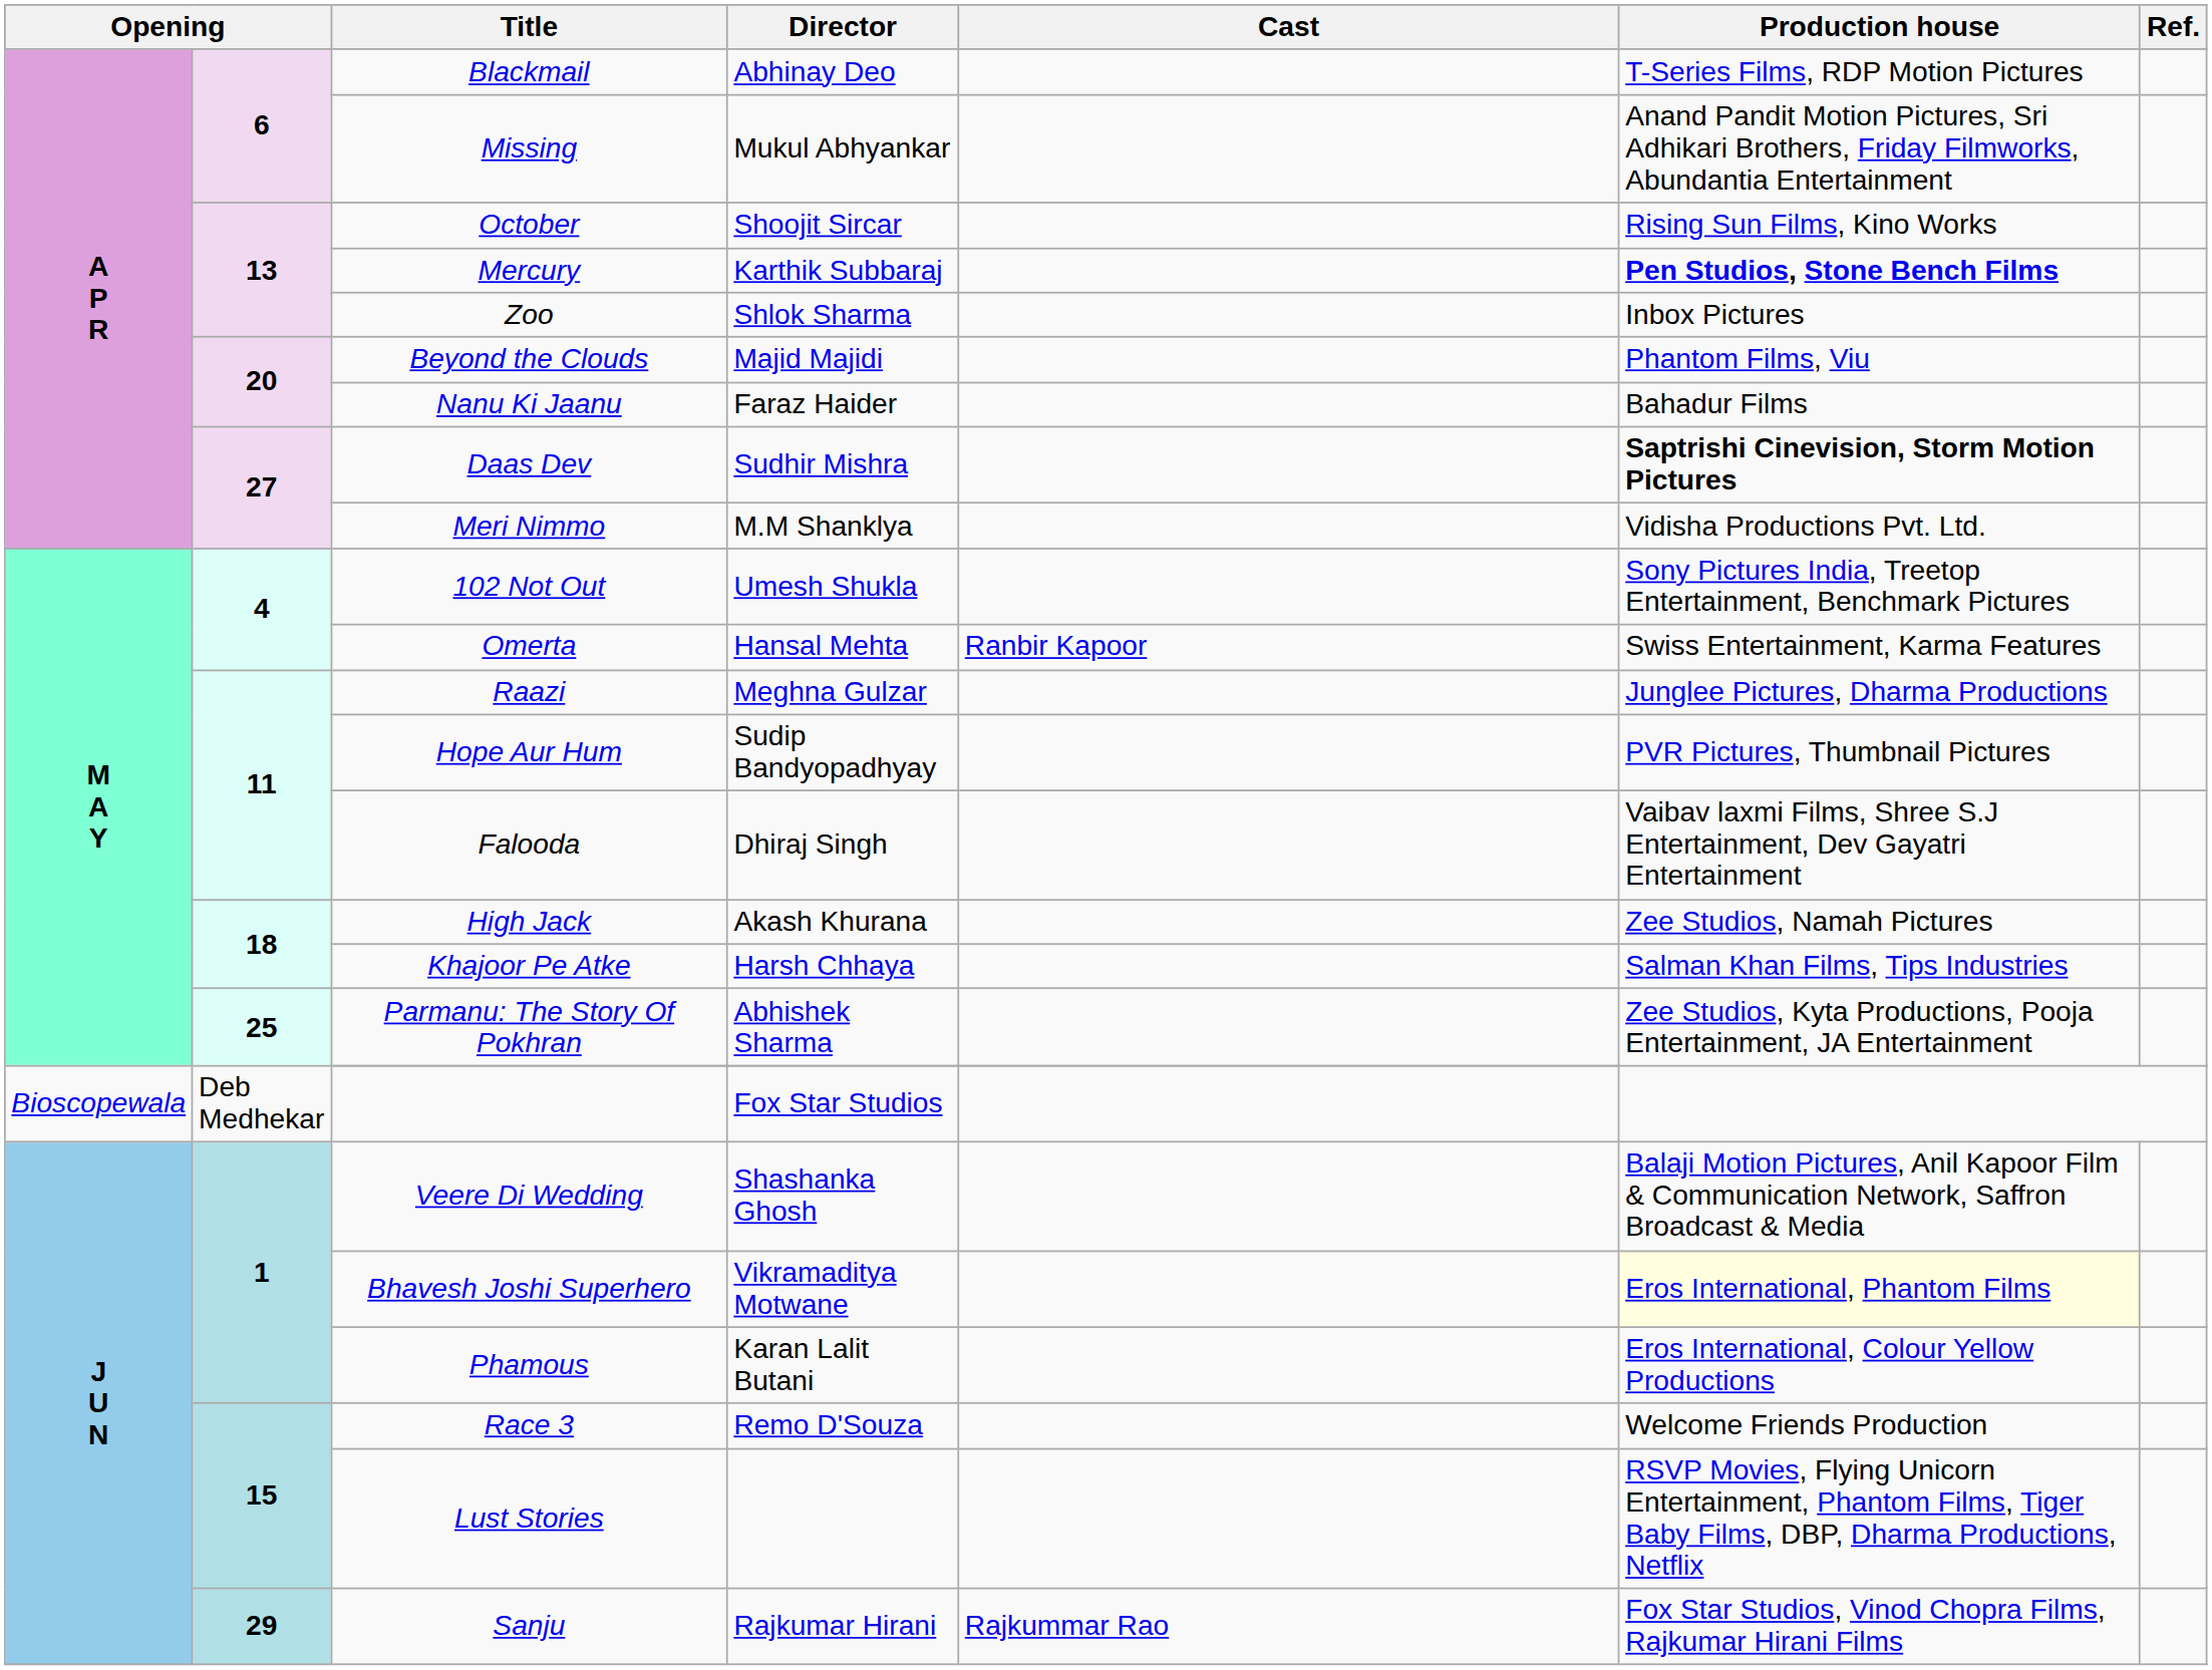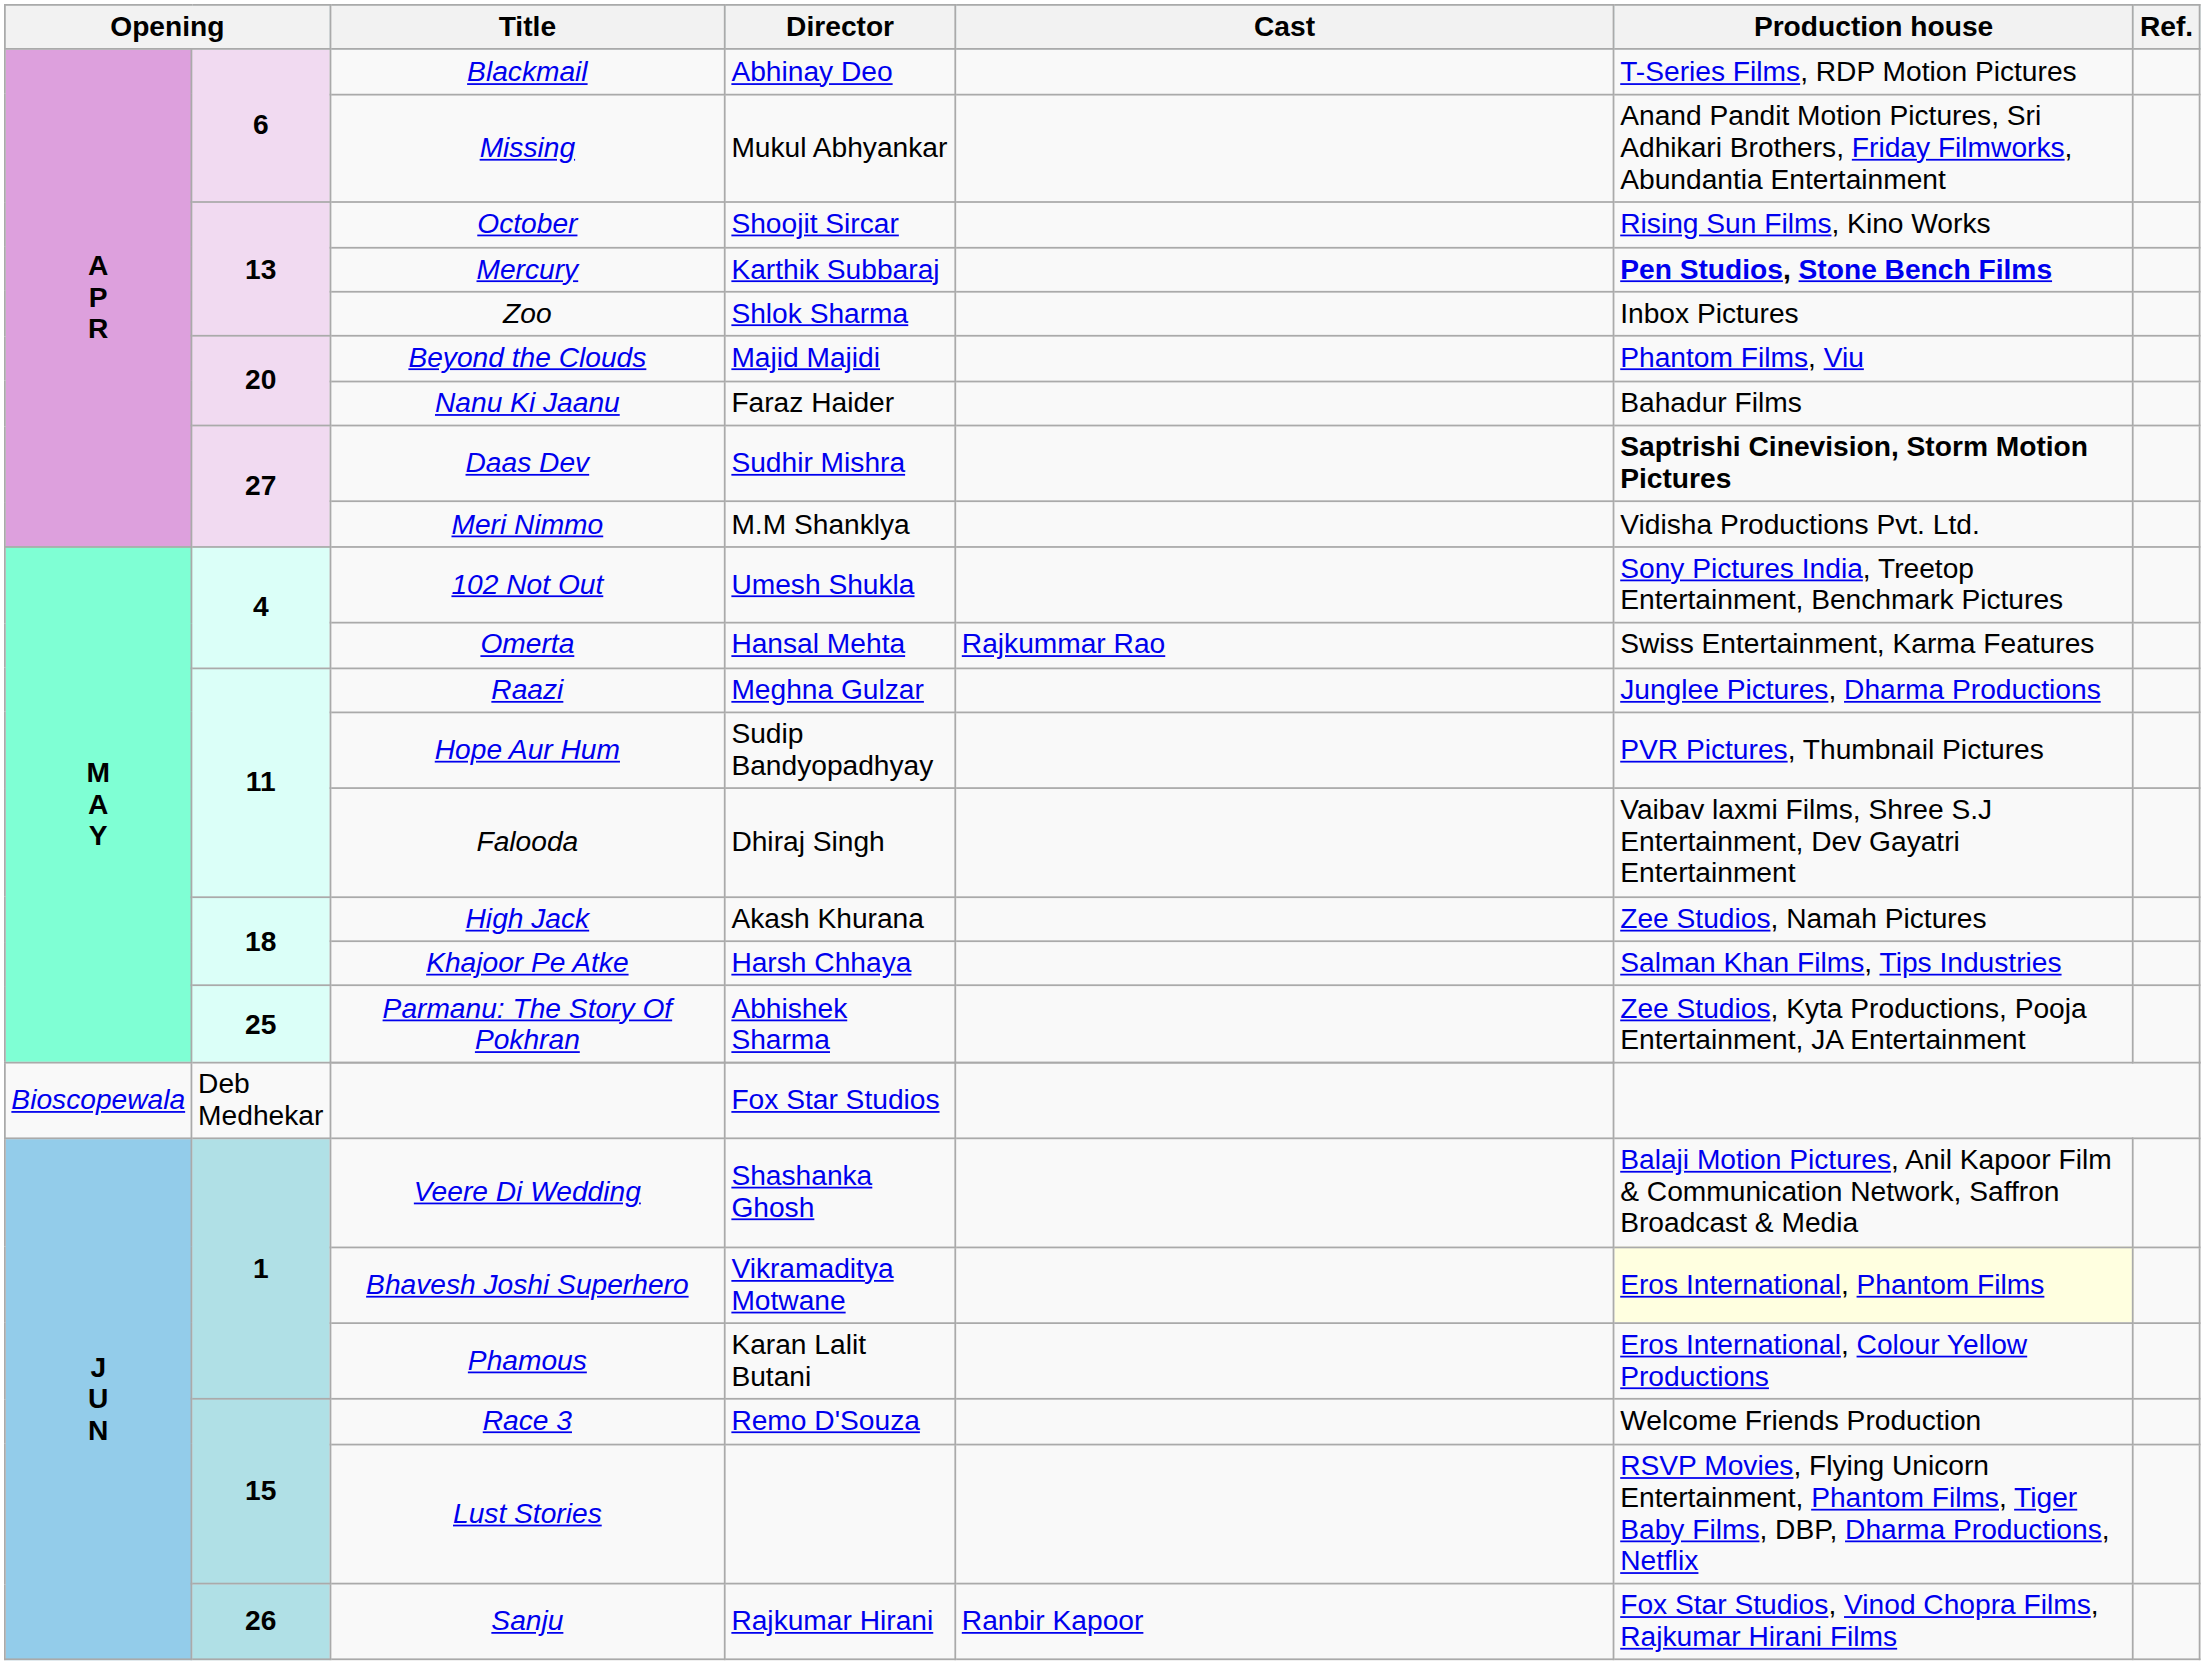 <table class="wikitable">
 <tr style="background:#b0e0e6; text-align:center;">
 <th colspan="2" style="width:6%";style="width:10.5%;"><strong>Opening</strong></th>
 <th style="width:18%;"><strong>Title</strong></th>
 <th style="width:10.5%;"><strong>Director</strong></th>
 <th style="width:30%;"><strong>Cast</strong></th>
 <th>Production house</th>
 <th>Ref.</th>
 </tr>
 <tr April!>
 <td rowspan="9" style="text-align:center; background:plum;"><strong>A<br>P<br>R</strong></td>
 <td rowspan="2" style="text-align:center;background:#f1daf1;"><strong>6</strong></td>
 <td style="text-align:center;"><em><a href='#'>Blackmail</a></em></td>
 <td><a href='#'>Abhinay Deo</a></td>
 <td></td>
 <td><a href='#'>T-Series Films</a>, RDP Motion Pictures</td>
 <td></td>
 </tr>
 <tr>
 <td style="text-align:center;"><em><a href='#'>Missing</a></em></td>
 <td>Mukul Abhyankar</td>
 <td></td>
 <td>Anand Pandit Motion Pictures, Sri Adhikari Brothers, <a href='#'>Friday Filmworks</a>, Abundantia Entertainment</td>
 <td></td>
 </tr>
 <tr>
 <td rowspan="3" style="text-align:center; background:#f1daf1;"><strong>13</strong></td>
 <td style="text-align:center;"><em><a href='#'>October</a></em></td>
 <td><a href='#'>Shoojit Sircar</a></td>
 <td></td>
 <td><a href='#'>Rising Sun Films</a>, Kino Works</td>
 <td></td>
 </tr>
 <tr>
 <td style="text-align:center;"><em><a href='#'>Mercury</a></em></td>
 <td><a href='#'>Karthik Subbaraj</a></td>
 <td></td>
 <td><strong><a href='#'>Pen Studios</a>, <a href='#'>Stone Bench Films</a></strong></td>
 <td></td>
 </tr>
 <tr>
 <td style="text-align:center;"><em>Zoo</em></td>
 <td><a href='#'>Shlok Sharma</a></td>
 <td></td>
 <td>Inbox Pictures</td>
 <td></td>
 </tr>
 <tr>
 <td rowspan="2" style="text-align:center;background:#f1daf1;"><strong>20</strong></td>
 <td style="text-align:center;"><em><a href='#'>Beyond the Clouds</a></em></td>
 <td><a href='#'>Majid Majidi</a></td>
 <td></td>
 <td><a href='#'>Phantom Films</a>, <a href='#'>Viu</a></td>
 <td></td>
 </tr>
 <tr>
 <td style="text-align:center;"><em><a href='#'>Nanu Ki Jaanu</a></em></td>
 <td>Faraz Haider</td>
 <td></td>
 <td>Bahadur Films</td>
 <td></td>
 </tr>
 <tr>
 <td rowspan="2" style="text-align:center;background:#f1daf1;"><strong>27</strong></td>
 <td style="text-align:center;"><em><a href='#'>Daas Dev</a></em></td>
 <td><a href='#'>Sudhir Mishra</a></td>
 <td></td>
 <td><strong>Saptrishi Cinevision, Storm Motion Pictures</strong></td>
 <td></td>
 </tr>
 <tr>
 <td style="text-align:center;"><em><a href='#'>Meri Nimmo</a></em></td>
 <td>M.M Shanklya</td>
 <td></td>
 <td>Vidisha Productions Pvt. Ltd.</td>
 <td></td>
 </tr>
 <tr>
 <td rowspan="9" style="text-align:center; background:#7FFFD4; textcolor:#000;"><strong>M<br>A<br>Y</strong></td>
 <td rowspan="2" style="text-align:center;background:#dbfff8;"><strong>4</strong></td>
 <td style="text-align:center;"><em><a href='#'>102 Not Out</a></em></td>
 <td><a href='#'>Umesh Shukla</a></td>
 <td></td>
 <td><a href='#'>Sony Pictures India</a>, Treetop Entertainment, Benchmark Pictures</td>
 <td></td>
 </tr>
 <tr>
 <td style="text-align:center;"><em><a href='#'>Omerta</a></em></td>
 <td><a href='#'>Hansal Mehta</a></td>
-<td><a href='#'>Ranbir Kapoor</a></td>
+<td><a href='#'>Rajkummar Rao</a></td>
 <td>Swiss Entertainment, Karma Features</td>
 <td></td>
 </tr>
 <tr>
 <td rowspan="3" style="text-align:center;background:#dbfff8;"><strong>11</strong></td>
 <td style="text-align:center;"><em><a href='#'>Raazi</a></em></td>
 <td><a href='#'>Meghna Gulzar</a></td>
 <td></td>
 <td><a href='#'>Junglee Pictures</a>, <a href='#'>Dharma Productions</a></td>
 <td></td>
 </tr>
 <tr>
 <td style="text-align:center;"><em><a href='#'>Hope Aur Hum</a></em></td>
 <td>Sudip Bandyopadhyay</td>
 <td></td>
 <td><a href='#'>PVR Pictures</a>, Thumbnail Pictures</td>
 <td></td>
 </tr>
 <tr>
 <td style="text-align:center;"><em>Falooda</em></td>
 <td>Dhiraj Singh</td>
 <td></td>
 <td>Vaibav laxmi Films, Shree S.J Entertainment, Dev Gayatri Entertainment</td>
 <td></td>
 </tr>
 <tr>
 <td rowspan="2" style="text-align:center;background:#dbfff8;"><strong>18</strong></td>
 <td style="text-align:center;"><em><a href='#'>High Jack</a></em></td>
 <td>Akash Khurana</td>
 <td></td>
 <td><a href='#'>Zee Studios</a>, Namah Pictures</td>
 <td></td>
 </tr>
 <tr>
 <td style="text-align:center;"><em><a href='#'>Khajoor Pe Atke</a></em></td>
 <td><a href='#'>Harsh Chhaya</a></td>
 <td></td>
 <td><a href='#'>Salman Khan Films</a>, <a href='#'>Tips Industries</a></td>
 <td></td>
 </tr>
 <tr>
 <td style="text-align:center;background:#dbfff8;" rowspan="2"><strong>25</strong></td>
 <td style="text-align:center;"><em><a href='#'>Parmanu: The Story Of Pokhran</a></em></td>
 <td><a href='#'>Abhishek Sharma</a></td>
 <td></td>
 <td><a href='#'>Zee Studios</a>, Kyta Productions, Pooja Entertainment, JA Entertainment</td>
 <td></td>
 </tr>
 <tr>
 </tr>
 <tr May|>
 <td style="text-align:center;"><em><a href='#'>Bioscopewala</a></em></td>
 <td>Deb Medhekar</td>
 <td></td>
 <td><a href='#'>Fox Star Studios</a></td>
 <td></td>
 </tr>
 <tr June|>
 <td rowspan="6" style="text-align:center; background:#93CCEA; textcolor:#000;"><strong>J<br>U<br>N</strong></td>
 <td rowspan="3" style="text-align:center; background:#B0E0E6;"><strong>1</strong></td>
 <td style="text-align:center;"><em><a href='#'>Veere Di Wedding</a></em></td>
 <td><a href='#'>Shashanka Ghosh</a></td>
 <td></td>
 <td><a href='#'>Balaji Motion Pictures</a>, Anil Kapoor Film & Communication Network, Saffron Broadcast & Media</td>
 <td></td>
 </tr>
 <tr>
 <td style="text-align:center;"><em><a href='#'>Bhavesh Joshi Superhero</a></em></td>
 <td><a href='#'>Vikramaditya Motwane</a></td>
 <td></td>
 <td style="background: lightyellow;"><a href='#'>Eros International</a>, <a href='#'>Phantom Films</a></td>
 <td></td>
 </tr>
 <tr>
 <td style="text-align:center;"><em><a href='#'>Phamous</a></em></td>
 <td>Karan Lalit Butani</td>
 <td></td>
 <td><a href='#'>Eros International</a>, <a href='#'>Colour Yellow Productions</a></td>
 <td></td>
 </tr>
 <tr>
 <td rowspan="2" style="text-align:center;background:#B0E0E6;"><strong>15</strong></td>
 <td style="text-align:center;"><em><a href='#'>Race 3</a></em></td>
 <td><a href='#'>Remo D'Souza</a></td>
 <td></td>
 <td>Welcome Friends Production</td>
 <td></td>
 </tr>
 <tr>
 <td style="text-align:center;"><em><a href='#'>Lust Stories</a></em></td>
 <td></td>
 <td></td>
 <td><a href='#'>RSVP Movies</a>, Flying Unicorn Entertainment, <a href='#'>Phantom Films</a>, <a href='#'>Tiger Baby Films</a>, DBP, <a href='#'>Dharma Productions</a>, <a href='#'>Netflix</a></td>
 <td></td>
 </tr>
 <tr>
-<td rowspan="1" style="text-align:center;background:#B0E0E6;"><strong>29</strong></td>
+<td rowspan="1" style="text-align:center;background:#B0E0E6;"><strong>26</strong></td>
 <td style="text-align:center;"><em><a href='#'>Sanju</a></em></td>
 <td><a href='#'>Rajkumar Hirani</a></td>
-<td><a href='#'>Rajkummar Rao</a></td>
+<td><a href='#'>Ranbir Kapoor</a></td>
 <td><a href='#'>Fox Star Studios</a>, <a href='#'>Vinod Chopra Films</a>, <a href='#'>Rajkumar Hirani Films</a></td>
 <td></td>
 </tr>
 </table>
